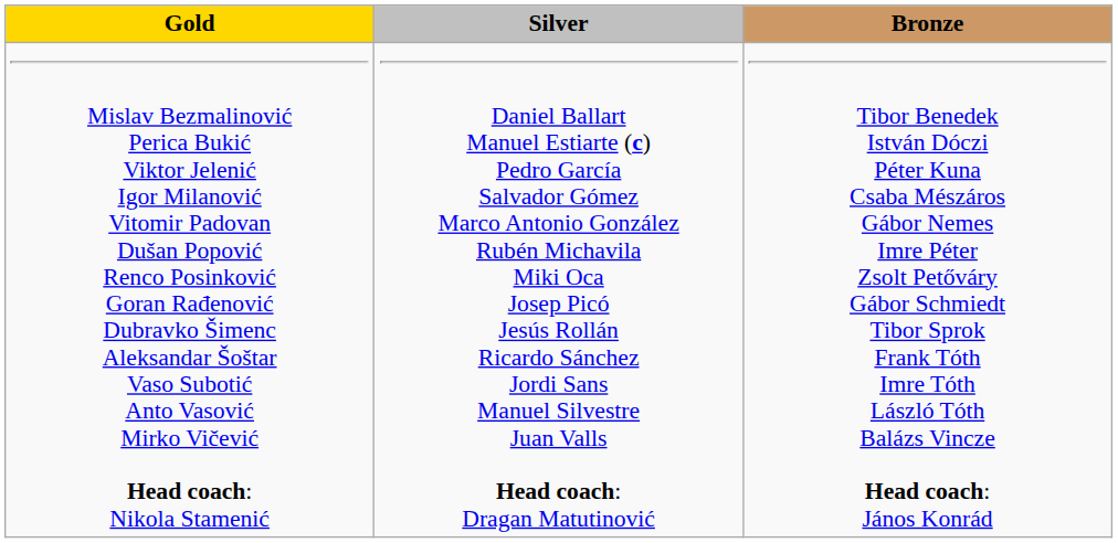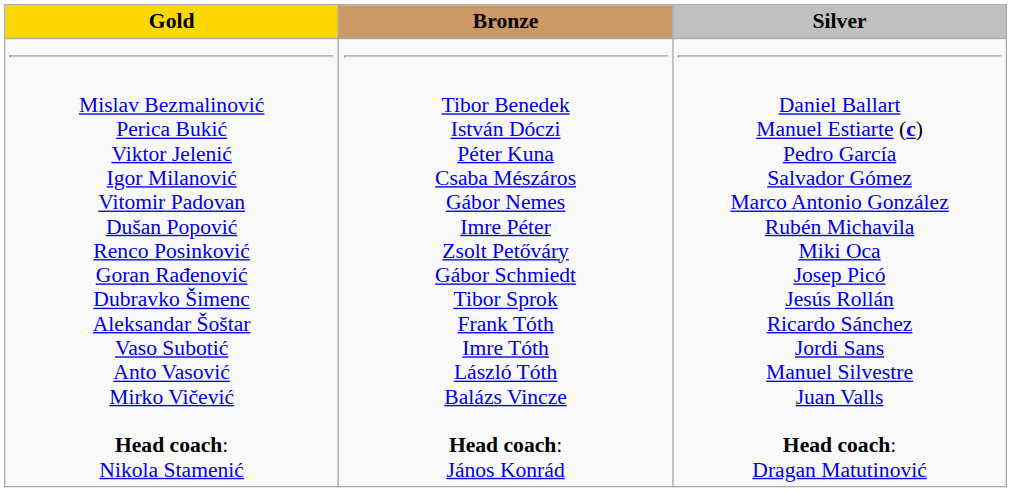 <table class="wikitable">
 <tr>
 <th style="text-align:center; width:15em; background-color:gold;">Gold</th>
+<th style="text-align:center; width:15em; background-color:#CC9966;">Bronze</th>
 <th style="text-align:center; width:15em; background-color:silver;">Silver</th>
-<th style="text-align:center; width:15em; background-color:#CC9966;">Bronze</th>
 </tr>
 <tr>
 <td style="text-align:center; vertical-align:top;"><strong></strong><hr><br><a href='#'>Mislav Bezmalinović</a><br> <a href='#'>Perica Bukić</a><br> <a href='#'>Viktor Jelenić</a><br> <a href='#'>Igor Milanović</a><br> <a href='#'>Vitomir Padovan</a><br> <a href='#'>Dušan Popović</a><br> <a href='#'>Renco Posinković</a><br> <a href='#'>Goran Rađenović</a><br> <a href='#'>Dubravko Šimenc</a><br> <a href='#'>Aleksandar Šoštar</a><br> <a href='#'>Vaso Subotić</a><br> <a href='#'>Anto Vasović</a><br><a href='#'>Mirko Vičević</a><br><br><strong>Head coach</strong>: <br><a href='#'>Nikola Stamenić</a></td>
+<td style="text-align:center; vertical-align:top;"><strong></strong><hr><br><a href='#'>Tibor Benedek</a><br> <a href='#'>István Dóczi</a><br> <a href='#'>Péter Kuna</a><br> <a href='#'>Csaba Mészáros</a><br> <a href='#'>Gábor Nemes</a><br> <a href='#'>Imre Péter</a><br> <a href='#'>Zsolt Petőváry</a><br> <a href='#'>Gábor Schmiedt</a><br> <a href='#'>Tibor Sprok</a><br> <a href='#'>Frank Tóth</a><br> <a href='#'>Imre Tóth</a><br> <a href='#'>László Tóth</a><br> <a href='#'>Balázs Vincze</a><br><br><strong>Head coach</strong>: <br><a href='#'>János Konrád</a></td>
 <td style="text-align:center; vertical-align:top;"><strong></strong><hr><br><a href='#'>Daniel Ballart</a><br> <a href='#'>Manuel Estiarte</a> (<a href='#'><strong>c</strong></a>)<br> <a href='#'>Pedro García</a><br> <a href='#'>Salvador Gómez</a><br> <a href='#'>Marco Antonio González</a><br> <a href='#'>Rubén Michavila</a><br> <a href='#'>Miki Oca</a><br> <a href='#'>Josep Picó</a><br> <a href='#'>Jesús Rollán</a><br> <a href='#'>Ricardo Sánchez</a><br> <a href='#'>Jordi Sans</a><br> <a href='#'>Manuel Silvestre</a><br> <a href='#'>Juan Valls</a><br><br><strong>Head coach</strong>: <br><a href='#'>Dragan Matutinović</a></td>
-<td style="text-align:center; vertical-align:top;"><strong></strong><hr><br><a href='#'>Tibor Benedek</a><br> <a href='#'>István Dóczi</a><br> <a href='#'>Péter Kuna</a><br> <a href='#'>Csaba Mészáros</a><br> <a href='#'>Gábor Nemes</a><br> <a href='#'>Imre Péter</a><br> <a href='#'>Zsolt Petőváry</a><br> <a href='#'>Gábor Schmiedt</a><br> <a href='#'>Tibor Sprok</a><br> <a href='#'>Frank Tóth</a><br> <a href='#'>Imre Tóth</a><br> <a href='#'>László Tóth</a><br> <a href='#'>Balázs Vincze</a><br><br><strong>Head coach</strong>: <br><a href='#'>János Konrád</a></td>
 </tr>
 </table>
